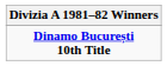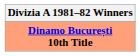 <table class="wikitable" style="text-align: center; margin: 0 auto;">
 <tr>
 <th>Divizia A 1981–82 Winners</th>
 </tr>
 <tr>
 </tr>
 <tr>
-<td><strong><a href='#'>Dinamo București</a></strong><br><strong>10th Title</strong></td>
+<td style="background: lightsalmon;"><strong><a href='#'>Dinamo București</a></strong><br><strong>10th Title</strong></td>
 </tr>
 </table>
